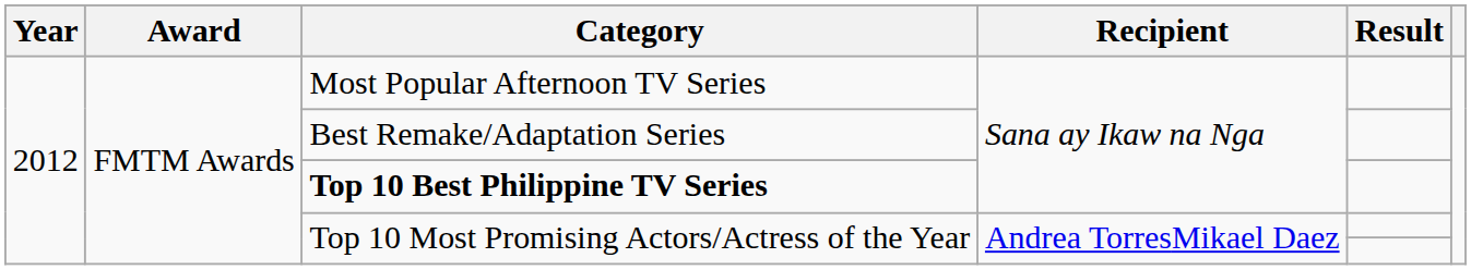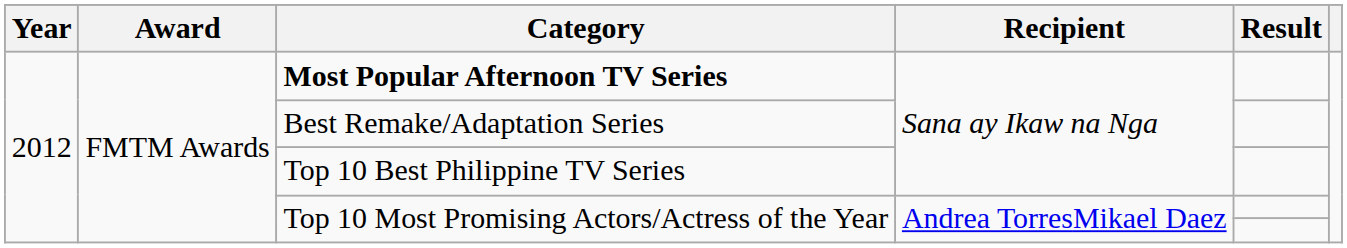 <table class="wikitable">
 <tr>
 <th>Year</th>
 <th>Award</th>
 <th>Category</th>
 <th>Recipient</th>
 <th>Result</th>
 <th></th>
 </tr>
 <tr>
 <td rowspan=5>2012</td>
 <td rowspan=5>FMTM Awards</td>
-<td>Most Popular Afternoon TV Series</td>
+<td><strong>Most Popular Afternoon TV Series</strong></td>
 <td rowspan=3><em>Sana ay Ikaw na Nga</em></td>
 <td></td>
 <td rowspan=5></td>
 </tr>
 <tr>
 <td>Best Remake/Adaptation Series</td>
 <td></td>
 </tr>
 <tr>
-<td><strong>Top 10 Best Philippine TV Series</strong></td>
+<td>Top 10 Best Philippine TV Series</td>
 <td></td>
 </tr>
 <tr>
 <td rowspan="2">Top 10 Most Promising Actors/Actress of the Year</td>
 <td rowspan="2"><a href='#'>Andrea Torres</a><a href='#'>Mikael Daez</a></td>
 <td></td>
 </tr>
 <tr>
 <td></td>
 </tr>
 </table>
